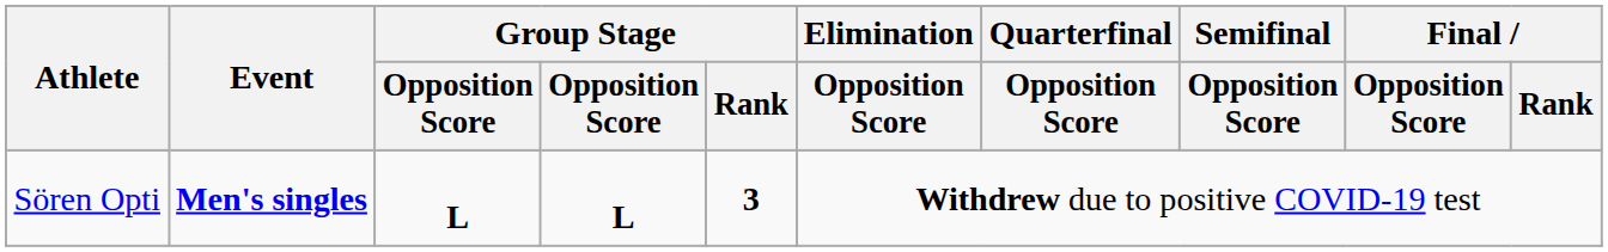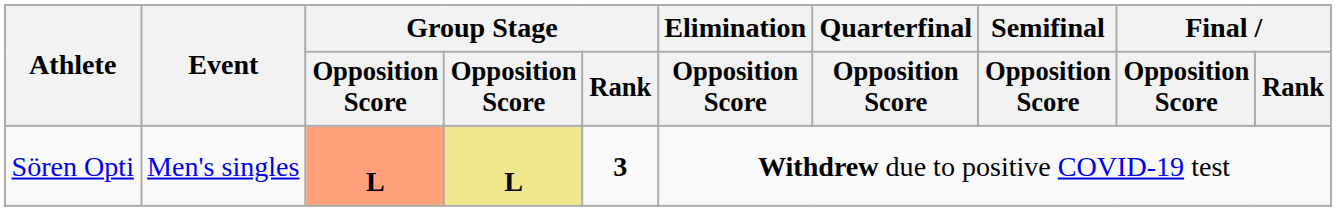 <table class="wikitable" style="font-size:90%; text-align:center">
 <tr>
 <th rowspan="2">Athlete</th>
 <th rowspan="2">Event</th>
 <th colspan="3">Group Stage</th>
 <th>Elimination</th>
 <th>Quarterfinal</th>
 <th>Semifinal</th>
 <th colspan="2">Final / </th>
 </tr>
 <tr style="font-size:95%">
 <th>Opposition<br>Score</th>
 <th>Opposition<br>Score</th>
 <th>Rank</th>
 <th>Opposition<br>Score</th>
 <th>Opposition<br>Score</th>
 <th>Opposition<br>Score</th>
 <th>Opposition<br>Score</th>
 <th>Rank</th>
 </tr>
 <tr>
 <td align="left"><a href='#'>Sören Opti</a></td>
-<td align="left"><strong><a href='#'>Men's singles</a></strong></td>
-<td><br><strong>L</strong> </td>
-<td><br><strong>L</strong> </td>
+<td align="left"><a href='#'>Men's singles</a></td>
+<td style="background: lightsalmon;"><br><strong>L</strong> </td>
+<td style="background: khaki;"><br><strong>L</strong> </td>
 <td><strong>3</strong></td>
 <td colspan="5"><strong>Withdrew</strong> due to positive <a href='#'>COVID-19</a> test</td>
 </tr>
 </table>
